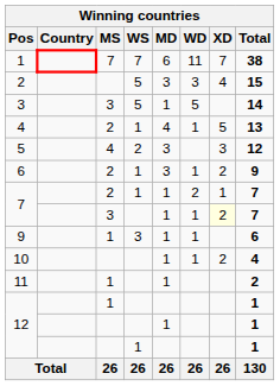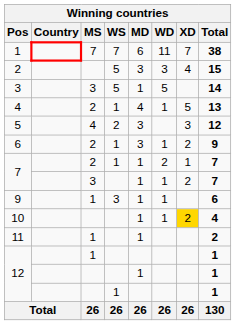 <table class="wikitable" style="text-align:center">
 <tr>
 <th colspan="10">Winning countries</th>
 </tr>
 <tr>
 <th>Pos</th>
 <th>Country</th>
 <th>MS</th>
 <th>WS</th>
 <th>MD</th>
 <th>WD</th>
 <th>XD</th>
 <th>Total</th>
 </tr>
 <tr>
 <td>1</td>
 <td align="left" style="border: 3px solid red"><strong></strong></td>
 <td>7</td>
 <td>7</td>
 <td>6</td>
 <td>11</td>
 <td>7</td>
 <td><strong>38</strong></td>
 </tr>
 <tr>
 <td>2</td>
 <td align="left"></td>
 <td></td>
 <td>5</td>
 <td>3</td>
 <td>3</td>
 <td>4</td>
 <td><strong>15</strong></td>
 </tr>
 <tr>
 <td>3</td>
 <td align="left"></td>
 <td>3</td>
 <td>5</td>
 <td>1</td>
 <td>5</td>
 <td></td>
 <td><strong>14</strong></td>
 </tr>
 <tr>
 <td>4</td>
 <td align="left"></td>
 <td>2</td>
 <td>1</td>
 <td>4</td>
 <td>1</td>
 <td>5</td>
 <td><strong>13</strong></td>
 </tr>
 <tr>
 <td>5</td>
 <td align="left"></td>
 <td>4</td>
 <td>2</td>
 <td>3</td>
 <td></td>
 <td>3</td>
 <td><strong>12</strong></td>
 </tr>
 <tr>
 <td>6</td>
 <td align="left"></td>
 <td>2</td>
 <td>1</td>
 <td>3</td>
 <td>1</td>
 <td>2</td>
 <td><strong>9</strong></td>
 </tr>
 <tr>
 <td rowspan="2">7</td>
 <td align="left"></td>
 <td>2</td>
 <td>1</td>
 <td>1</td>
 <td>2</td>
 <td>1</td>
 <td><strong>7</strong></td>
 </tr>
 <tr>
 <td align="left"></td>
 <td>3</td>
 <td></td>
 <td>1</td>
 <td>1</td>
-<td style="background: lightyellow;">2</td>
+<td>2</td>
 <td><strong>7</strong></td>
 </tr>
 <tr>
 <td>9</td>
 <td align="left"></td>
 <td>1</td>
 <td>3</td>
 <td>1</td>
 <td>1</td>
 <td></td>
 <td><strong>6</strong></td>
 </tr>
 <tr>
 <td>10</td>
 <td align="left"></td>
 <td></td>
 <td></td>
 <td>1</td>
 <td>1</td>
-<td>2</td>
+<td style="background: gold;">2</td>
 <td><strong>4</strong></td>
 </tr>
 <tr>
 <td>11</td>
 <td align="left"></td>
 <td>1</td>
 <td></td>
 <td>1</td>
 <td></td>
 <td></td>
 <td><strong>2</strong></td>
 </tr>
 <tr>
 <td rowspan="3">12</td>
 <td align="left"></td>
 <td>1</td>
 <td></td>
 <td></td>
 <td></td>
 <td></td>
 <td><strong>1</strong></td>
 </tr>
 <tr>
 <td align="left"></td>
 <td></td>
 <td></td>
 <td>1</td>
 <td></td>
 <td></td>
 <td><strong>1</strong></td>
 </tr>
 <tr>
 <td align="left"></td>
 <td></td>
 <td>1</td>
 <td></td>
 <td></td>
 <td></td>
 <td><strong>1</strong></td>
 </tr>
 <tr>
 <th colspan="2">Total</th>
 <th>26</th>
 <th>26</th>
 <th>26</th>
 <th>26</th>
 <th>26</th>
 <th>130</th>
 </tr>
 </table>
